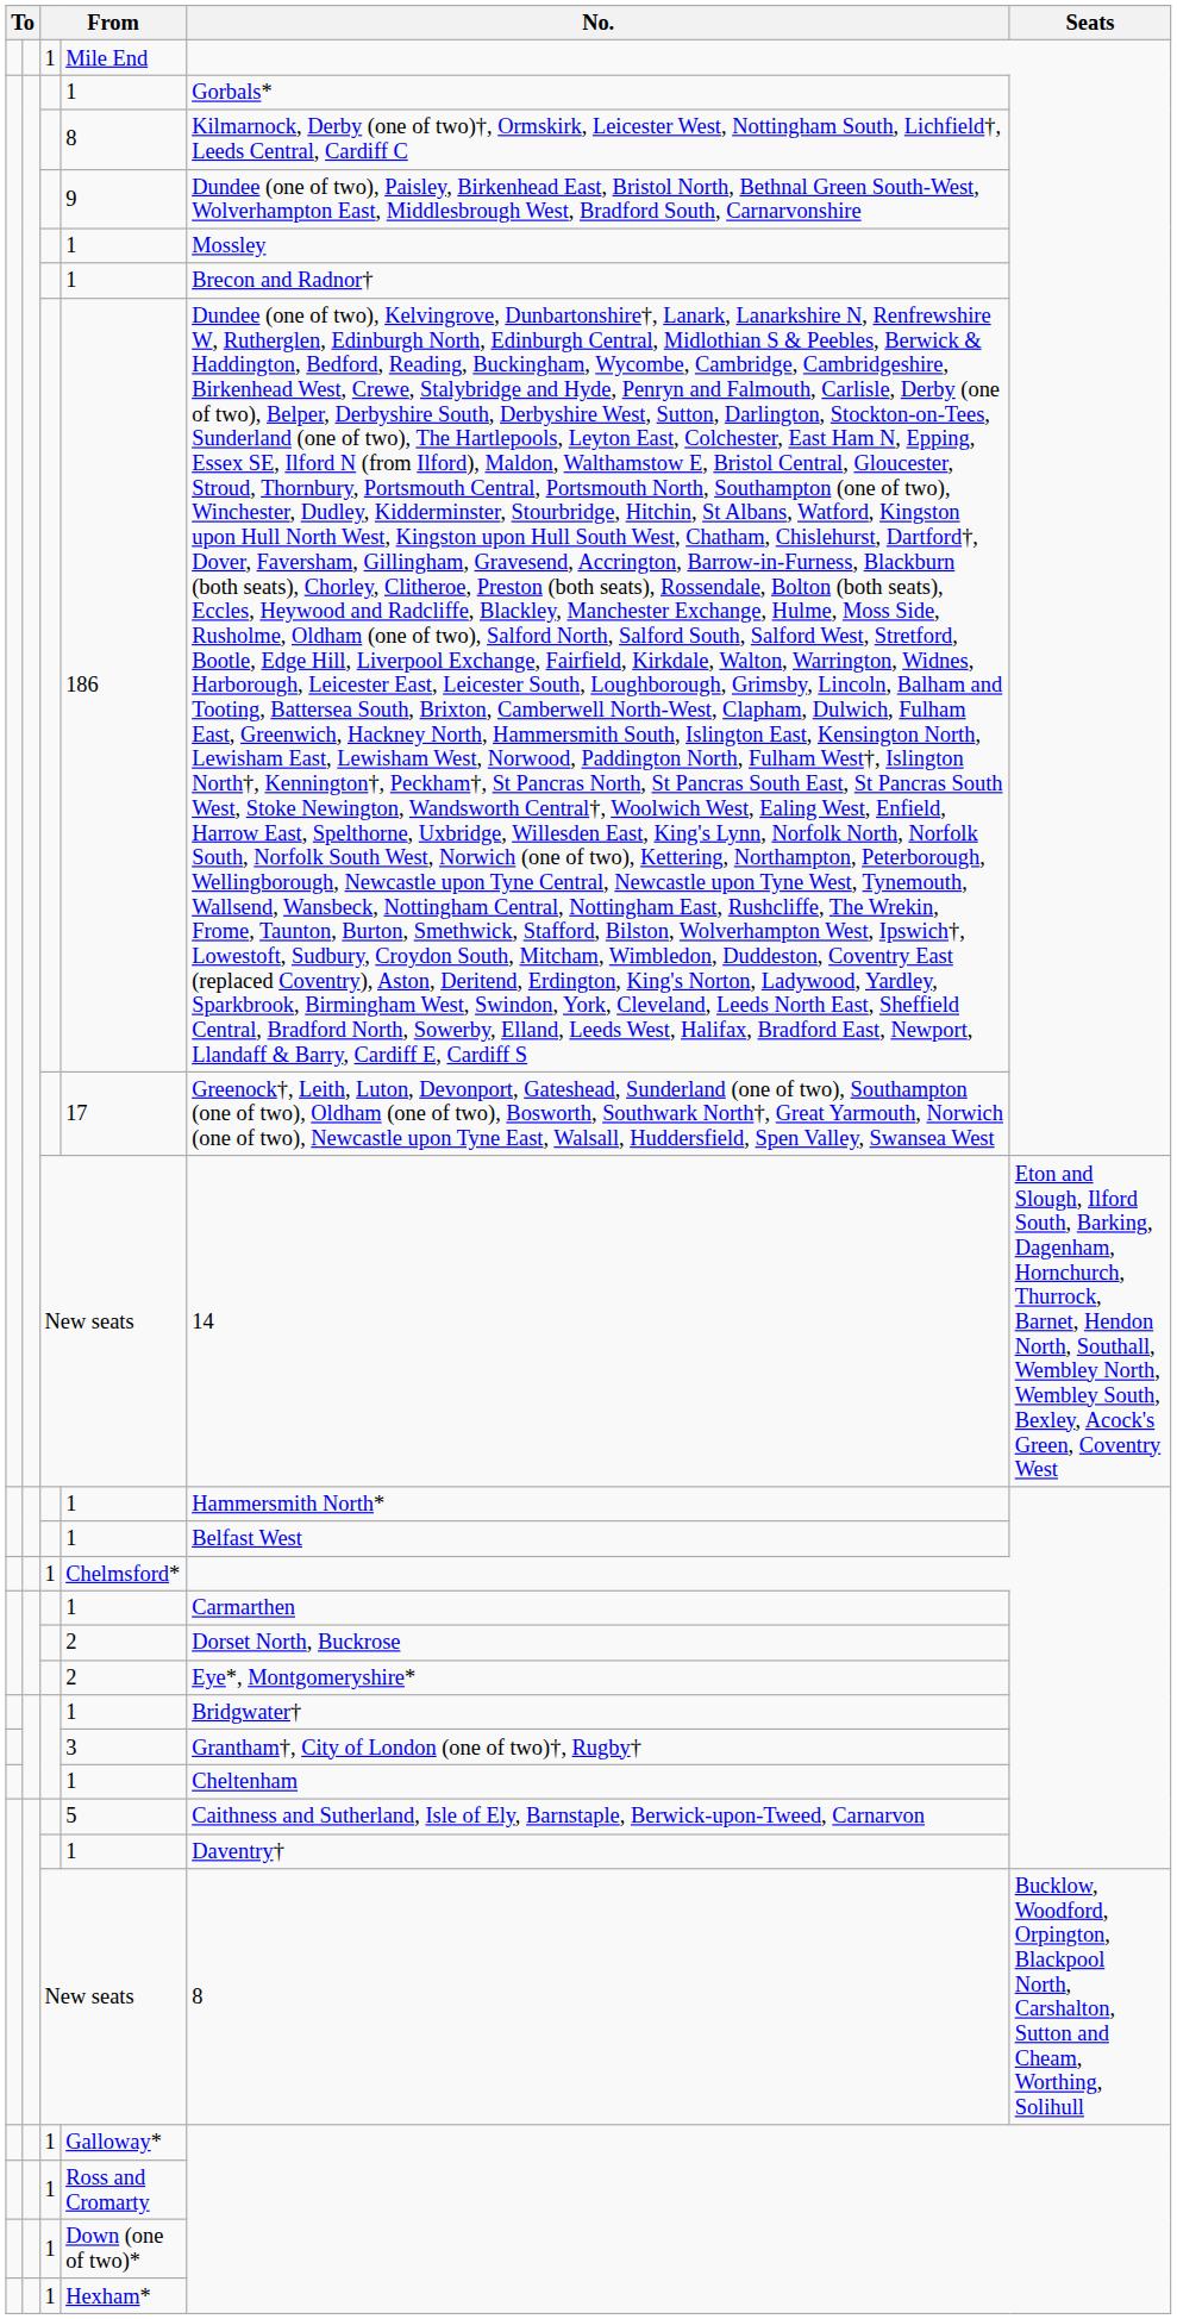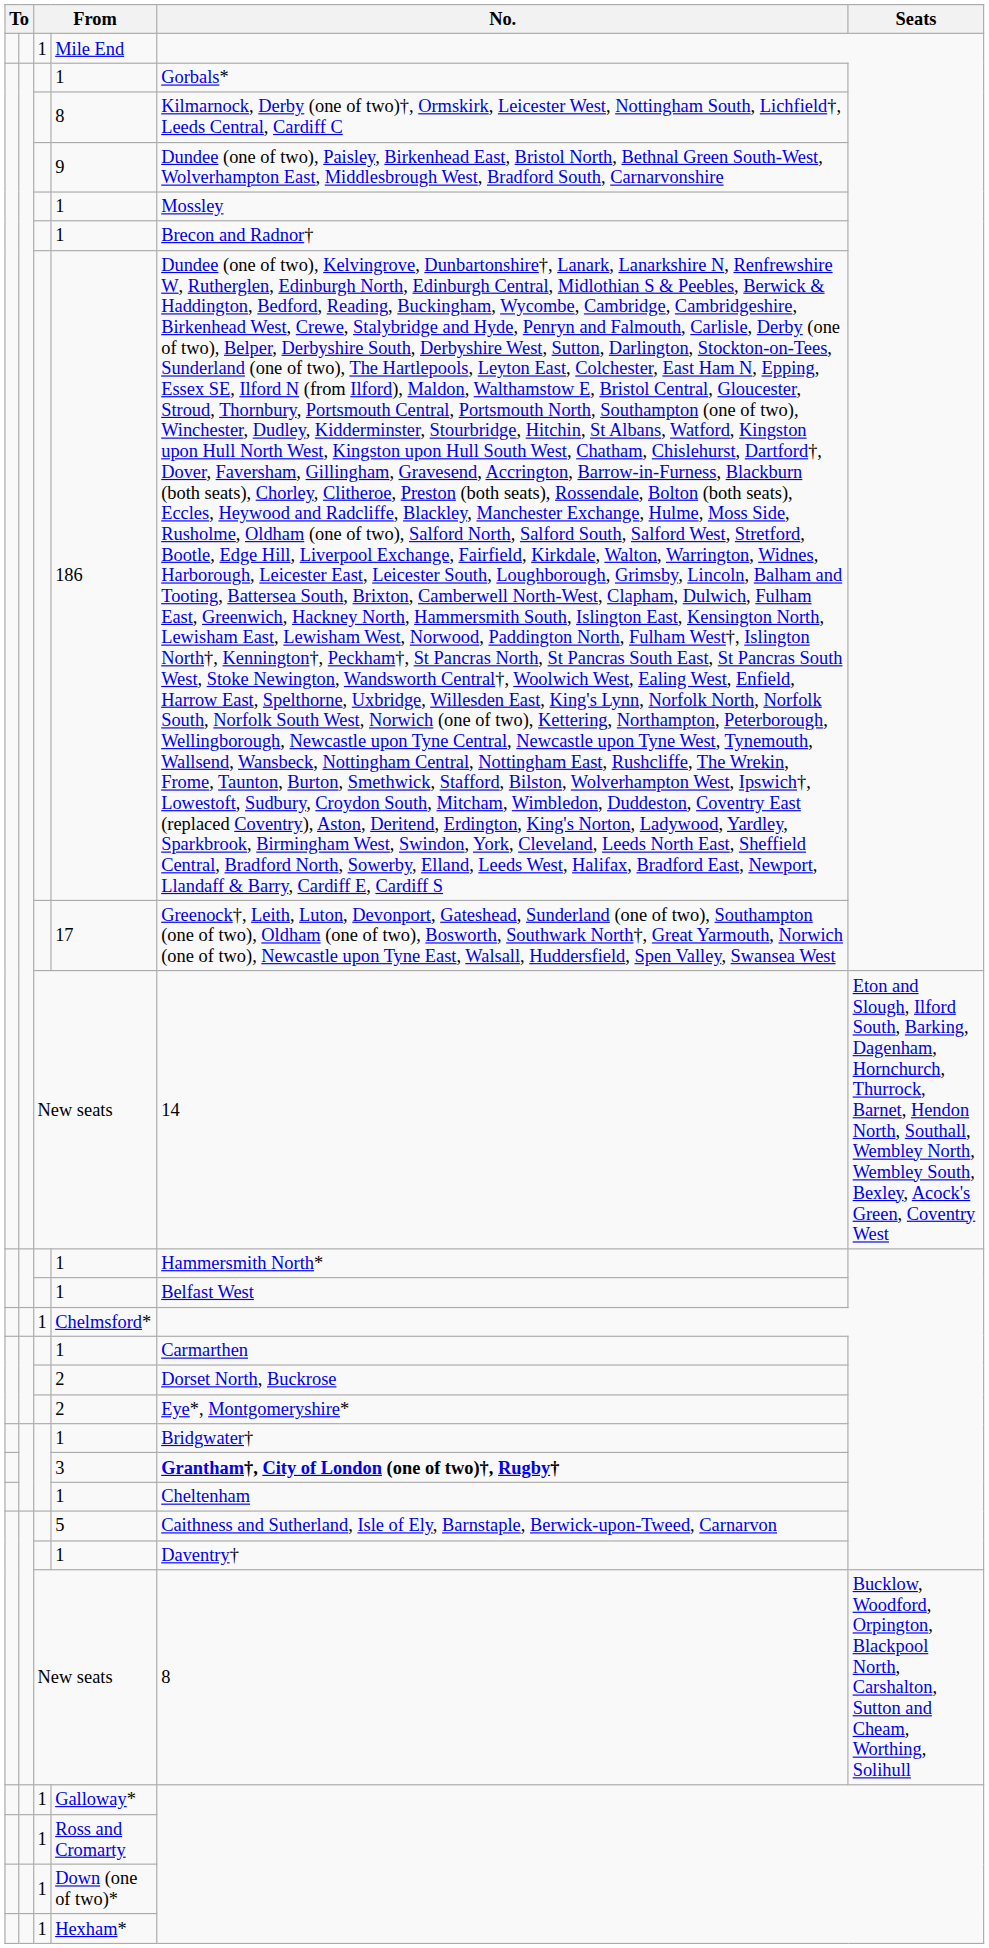 <table class="wikitable sortable" style="margin:1em">
 <tr>
 <th colspan=2>To</th>
 <th colspan=2>From</th>
 <th>No.</th>
 <th class=unsortable>Seats</th>
 </tr>
 <tr>
 <td></td>
 <td></td>
 <td>1</td>
 <td><a href='#'>Mile End</a></td>
 </tr>
 <tr>
 <td rowspan="8" style="color:inherit;background:"></td>
 <td rowspan="8"></td>
 <td></td>
 <td>1</td>
 <td><a href='#'>Gorbals</a>*</td>
 </tr>
 <tr>
 <td></td>
 <td>8</td>
 <td><a href='#'>Kilmarnock</a>, <a href='#'>Derby</a> (one of two)†, <a href='#'>Ormskirk</a>, <a href='#'>Leicester West</a>, <a href='#'>Nottingham South</a>, <a href='#'>Lichfield</a>†, <a href='#'>Leeds Central</a>, <a href='#'>Cardiff C</a></td>
 </tr>
 <tr>
 <td></td>
 <td>9</td>
 <td><a href='#'>Dundee</a> (one of two), <a href='#'>Paisley</a>, <a href='#'>Birkenhead East</a>, <a href='#'>Bristol North</a>, <a href='#'>Bethnal Green South-West</a>, <a href='#'>Wolverhampton East</a>, <a href='#'>Middlesbrough West</a>, <a href='#'>Bradford South</a>, <a href='#'>Carnarvonshire</a></td>
 </tr>
 <tr>
 <td></td>
 <td>1</td>
 <td><a href='#'>Mossley</a></td>
 </tr>
 <tr>
 <td></td>
 <td>1</td>
 <td><a href='#'>Brecon and Radnor</a>†</td>
 </tr>
 <tr>
 <td></td>
 <td>186</td>
 <td><a href='#'>Dundee</a> (one of two), <a href='#'>Kelvingrove</a>, <a href='#'>Dunbartonshire</a>†, <a href='#'>Lanark</a>, <a href='#'>Lanarkshire N</a>, <a href='#'>Renfrewshire W</a>, <a href='#'>Rutherglen</a>, <a href='#'>Edinburgh North</a>, <a href='#'>Edinburgh Central</a>, <a href='#'>Midlothian S & Peebles</a>, <a href='#'>Berwick & Haddington</a>, <a href='#'>Bedford</a>, <a href='#'>Reading</a>, <a href='#'>Buckingham</a>, <a href='#'>Wycombe</a>, <a href='#'>Cambridge</a>, <a href='#'>Cambridgeshire</a>, <a href='#'>Birkenhead West</a>, <a href='#'>Crewe</a>, <a href='#'>Stalybridge and Hyde</a>, <a href='#'>Penryn and Falmouth</a>, <a href='#'>Carlisle</a>, <a href='#'>Derby</a> (one of two), <a href='#'>Belper</a>, <a href='#'>Derbyshire South</a>, <a href='#'>Derbyshire West</a>, <a href='#'>Sutton</a>, <a href='#'>Darlington</a>, <a href='#'>Stockton-on-Tees</a>, <a href='#'>Sunderland</a> (one of two), <a href='#'>The Hartlepools</a>, <a href='#'>Leyton East</a>, <a href='#'>Colchester</a>, <a href='#'>East Ham N</a>, <a href='#'>Epping</a>, <a href='#'>Essex SE</a>, <a href='#'>Ilford N</a> (from <a href='#'>Ilford</a>), <a href='#'>Maldon</a>, <a href='#'>Walthamstow E</a>, <a href='#'>Bristol Central</a>, <a href='#'>Gloucester</a>, <a href='#'>Stroud</a>, <a href='#'>Thornbury</a>, <a href='#'>Portsmouth Central</a>, <a href='#'>Portsmouth North</a>, <a href='#'>Southampton</a> (one of two), <a href='#'>Winchester</a>, <a href='#'>Dudley</a>, <a href='#'>Kidderminster</a>, <a href='#'>Stourbridge</a>, <a href='#'>Hitchin</a>, <a href='#'>St Albans</a>, <a href='#'>Watford</a>, <a href='#'>Kingston upon Hull North West</a>, <a href='#'>Kingston upon Hull South West</a>, <a href='#'>Chatham</a>, <a href='#'>Chislehurst</a>, <a href='#'>Dartford</a>†, <a href='#'>Dover</a>, <a href='#'>Faversham</a>, <a href='#'>Gillingham</a>, <a href='#'>Gravesend</a>, <a href='#'>Accrington</a>, <a href='#'>Barrow-in-Furness</a>, <a href='#'>Blackburn</a> (both seats), <a href='#'>Chorley</a>, <a href='#'>Clitheroe</a>, <a href='#'>Preston</a> (both seats), <a href='#'>Rossendale</a>, <a href='#'>Bolton</a> (both seats), <a href='#'>Eccles</a>, <a href='#'>Heywood and Radcliffe</a>, <a href='#'>Blackley</a>, <a href='#'>Manchester Exchange</a>, <a href='#'>Hulme</a>, <a href='#'>Moss Side</a>, <a href='#'>Rusholme</a>, <a href='#'>Oldham</a> (one of two), <a href='#'>Salford North</a>, <a href='#'>Salford South</a>, <a href='#'>Salford West</a>, <a href='#'>Stretford</a>, <a href='#'>Bootle</a>, <a href='#'>Edge Hill</a>, <a href='#'>Liverpool Exchange</a>, <a href='#'>Fairfield</a>, <a href='#'>Kirkdale</a>, <a href='#'>Walton</a>, <a href='#'>Warrington</a>, <a href='#'>Widnes</a>, <a href='#'>Harborough</a>, <a href='#'>Leicester East</a>, <a href='#'>Leicester South</a>, <a href='#'>Loughborough</a>, <a href='#'>Grimsby</a>, <a href='#'>Lincoln</a>, <a href='#'>Balham and Tooting</a>, <a href='#'>Battersea South</a>, <a href='#'>Brixton</a>, <a href='#'>Camberwell North-West</a>, <a href='#'>Clapham</a>, <a href='#'>Dulwich</a>, <a href='#'>Fulham East</a>, <a href='#'>Greenwich</a>, <a href='#'>Hackney North</a>, <a href='#'>Hammersmith South</a>, <a href='#'>Islington East</a>, <a href='#'>Kensington North</a>, <a href='#'>Lewisham East</a>, <a href='#'>Lewisham West</a>, <a href='#'>Norwood</a>, <a href='#'>Paddington North</a>, <a href='#'>Fulham West</a>†, <a href='#'>Islington North</a>†, <a href='#'>Kennington</a>†, <a href='#'>Peckham</a>†, <a href='#'>St Pancras North</a>, <a href='#'>St Pancras South East</a>, <a href='#'>St Pancras South West</a>, <a href='#'>Stoke Newington</a>, <a href='#'>Wandsworth Central</a>†, <a href='#'>Woolwich West</a>, <a href='#'>Ealing West</a>, <a href='#'>Enfield</a>, <a href='#'>Harrow East</a>, <a href='#'>Spelthorne</a>, <a href='#'>Uxbridge</a>, <a href='#'>Willesden East</a>, <a href='#'>King's Lynn</a>, <a href='#'>Norfolk North</a>, <a href='#'>Norfolk South</a>, <a href='#'>Norfolk South West</a>, <a href='#'>Norwich</a> (one of two), <a href='#'>Kettering</a>, <a href='#'>Northampton</a>, <a href='#'>Peterborough</a>, <a href='#'>Wellingborough</a>, <a href='#'>Newcastle upon Tyne Central</a>, <a href='#'>Newcastle upon Tyne West</a>, <a href='#'>Tynemouth</a>, <a href='#'>Wallsend</a>, <a href='#'>Wansbeck</a>, <a href='#'>Nottingham Central</a>, <a href='#'>Nottingham East</a>, <a href='#'>Rushcliffe</a>, <a href='#'>The Wrekin</a>, <a href='#'>Frome</a>, <a href='#'>Taunton</a>, <a href='#'>Burton</a>, <a href='#'>Smethwick</a>, <a href='#'>Stafford</a>, <a href='#'>Bilston</a>, <a href='#'>Wolverhampton West</a>, <a href='#'>Ipswich</a>†, <a href='#'>Lowestoft</a>, <a href='#'>Sudbury</a>, <a href='#'>Croydon South</a>, <a href='#'>Mitcham</a>, <a href='#'>Wimbledon</a>, <a href='#'>Duddeston</a>, <a href='#'>Coventry East</a> (replaced <a href='#'>Coventry</a>), <a href='#'>Aston</a>, <a href='#'>Deritend</a>, <a href='#'>Erdington</a>, <a href='#'>King's Norton</a>, <a href='#'>Ladywood</a>, <a href='#'>Yardley</a>, <a href='#'>Sparkbrook</a>, <a href='#'>Birmingham West</a>, <a href='#'>Swindon</a>, <a href='#'>York</a>, <a href='#'>Cleveland</a>, <a href='#'>Leeds North East</a>, <a href='#'>Sheffield Central</a>, <a href='#'>Bradford North</a>, <a href='#'>Sowerby</a>, <a href='#'>Elland</a>, <a href='#'>Leeds West</a>, <a href='#'>Halifax</a>, <a href='#'>Bradford East</a>, <a href='#'>Newport</a>, <a href='#'>Llandaff & Barry</a>, <a href='#'>Cardiff E</a>, <a href='#'>Cardiff S</a></td>
 </tr>
 <tr>
 <td></td>
 <td>17</td>
 <td><a href='#'>Greenock</a>†, <a href='#'>Leith</a>, <a href='#'>Luton</a>, <a href='#'>Devonport</a>, <a href='#'>Gateshead</a>, <a href='#'>Sunderland</a> (one of two), <a href='#'>Southampton</a> (one of two), <a href='#'>Oldham</a> (one of two), <a href='#'>Bosworth</a>, <a href='#'>Southwark North</a>†, <a href='#'>Great Yarmouth</a>, <a href='#'>Norwich</a> (one of two), <a href='#'>Newcastle upon Tyne East</a>, <a href='#'>Walsall</a>, <a href='#'>Huddersfield</a>, <a href='#'>Spen Valley</a>, <a href='#'>Swansea West</a></td>
 </tr>
 <tr>
 <td colspan=2>New seats</td>
 <td>14</td>
 <td><a href='#'>Eton and Slough</a>, <a href='#'>Ilford South</a>, <a href='#'>Barking</a>, <a href='#'>Dagenham</a>, <a href='#'>Hornchurch</a>, <a href='#'>Thurrock</a>, <a href='#'>Barnet</a>, <a href='#'>Hendon North</a>, <a href='#'>Southall</a>, <a href='#'>Wembley North</a>, <a href='#'>Wembley South</a>, <a href='#'>Bexley</a>, <a href='#'>Acock's Green</a>, <a href='#'>Coventry West</a></td>
 </tr>
 <tr>
 <td rowspan="2" style="color:inherit;background:"></td>
 <td rowspan="2"></td>
 <td></td>
 <td>1</td>
 <td><a href='#'>Hammersmith North</a>*</td>
 </tr>
 <tr>
 <td></td>
 <td>1</td>
 <td><a href='#'>Belfast West</a></td>
 </tr>
 <tr>
 <td></td>
 <td></td>
 <td>1</td>
 <td><a href='#'>Chelmsford</a>*</td>
 </tr>
 <tr>
 <td rowspan="3" style="color:inherit;background:"></td>
 <td rowspan="3"></td>
 <td></td>
 <td>1</td>
 <td><a href='#'>Carmarthen</a></td>
 </tr>
 <tr>
 <td></td>
 <td>2</td>
 <td><a href='#'>Dorset North</a>, <a href='#'>Buckrose</a></td>
 </tr>
 <tr>
 <td></td>
 <td>2</td>
 <td><a href='#'>Eye</a>*, <a href='#'>Montgomeryshire</a>*</td>
 </tr>
 <tr>
 <td></td>
 <td rowspan="3" style="color:inherit;background:"></td>
 <td rowspan="3"></td>
 <td>1</td>
 <td><a href='#'>Bridgwater</a>†</td>
 </tr>
 <tr>
 <td></td>
 <td>3</td>
-<td><a href='#'>Grantham</a>†, <a href='#'>City of London</a> (one of two)†, <a href='#'>Rugby</a>†</td>
+<td><strong><a href='#'>Grantham</a>†, <a href='#'>City of London</a> (one of two)†, <a href='#'>Rugby</a>†</strong></td>
 </tr>
 <tr>
 <td></td>
 <td>1</td>
 <td><a href='#'>Cheltenham</a></td>
 </tr>
 <tr>
 <td rowspan="3" style="color:inherit;background:"></td>
 <td rowspan="3"></td>
 <td></td>
 <td>5</td>
 <td><a href='#'>Caithness and Sutherland</a>, <a href='#'>Isle of Ely</a>, <a href='#'>Barnstaple</a>, <a href='#'>Berwick-upon-Tweed</a>, <a href='#'>Carnarvon</a></td>
 </tr>
 <tr>
 <td></td>
 <td>1</td>
 <td><a href='#'>Daventry</a>†</td>
 </tr>
 <tr>
 <td colspan=2>New seats</td>
 <td>8</td>
 <td><a href='#'>Bucklow</a>, <a href='#'>Woodford</a>, <a href='#'>Orpington</a>, <a href='#'>Blackpool North</a>, <a href='#'>Carshalton</a>, <a href='#'>Sutton and Cheam</a>, <a href='#'>Worthing</a>, <a href='#'>Solihull</a></td>
 </tr>
 <tr>
 <td></td>
 <td></td>
 <td>1</td>
 <td><a href='#'>Galloway</a>*</td>
 </tr>
 <tr>
 <td></td>
 <td></td>
 <td>1</td>
 <td><a href='#'>Ross and Cromarty</a></td>
 </tr>
 <tr>
 <td></td>
 <td></td>
 <td>1</td>
 <td><a href='#'>Down</a> (one of two)*</td>
 </tr>
 <tr>
 <td></td>
 <td></td>
 <td>1</td>
 <td><a href='#'>Hexham</a>*</td>
 </tr>
 </table>
